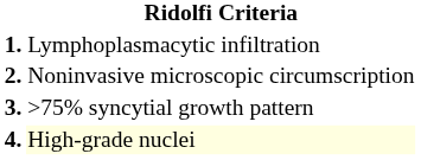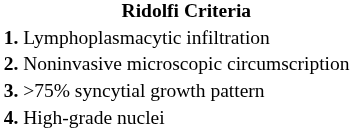 <table>
 <tr>
 <th></th>
 <th>Ridolfi Criteria</th>
 </tr>
 <tr>
 <th>1.</th>
 <td>Lymphoplasmacytic infiltration</td>
 </tr>
 <tr>
 <th>2.</th>
 <td>Noninvasive microscopic circumscription</td>
 </tr>
 <tr>
 <th>3.</th>
 <td>>75% syncytial growth pattern</td>
 </tr>
 <tr>
 <th>4.</th>
-<td style="background: lightyellow;">High-grade nuclei</td>
+<td>High-grade nuclei</td>
 </tr>
 </table>
